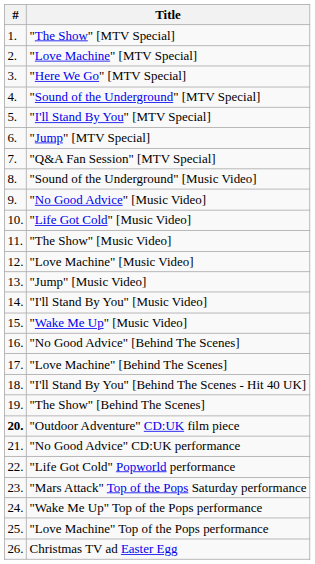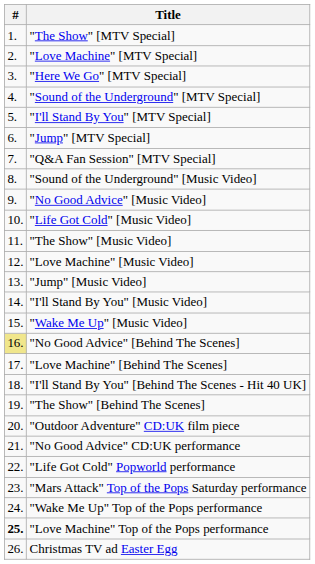 <table class="wikitable">
 <tr>
 <th bgcolor="#ebf5ff">#</th>
 <th bgcolor="#ebf5ff">Title</th>
 </tr>
 <tr>
 <td>1.</td>
 <td>"<a href='#'>The Show</a>" [MTV Special]</td>
 </tr>
 <tr>
 <td>2.</td>
 <td>"<a href='#'>Love Machine</a>" [MTV Special]</td>
 </tr>
 <tr>
 <td>3.</td>
 <td>"<a href='#'>Here We Go</a>" [MTV Special]</td>
 </tr>
 <tr>
 <td>4.</td>
 <td>"<a href='#'>Sound of the Underground</a>" [MTV Special]</td>
 </tr>
 <tr>
 <td>5.</td>
 <td>"<a href='#'>I'll Stand By You</a>" [MTV Special]</td>
 </tr>
 <tr>
 <td>6.</td>
 <td>"<a href='#'>Jump</a>" [MTV Special]</td>
 </tr>
 <tr>
 <td>7.</td>
 <td>"Q&A Fan Session" [MTV Special]</td>
 </tr>
 <tr>
 <td>8.</td>
 <td>"Sound of the Underground" [Music Video]</td>
 </tr>
 <tr>
 <td>9.</td>
 <td>"<a href='#'>No Good Advice</a>" [Music Video]</td>
 </tr>
 <tr>
 <td>10.</td>
 <td>"<a href='#'>Life Got Cold</a>" [Music Video]</td>
 </tr>
 <tr>
 <td>11.</td>
 <td>"The Show" [Music Video]</td>
 </tr>
 <tr>
 <td>12.</td>
 <td>"Love Machine" [Music Video]</td>
 </tr>
 <tr>
 <td>13.</td>
 <td>"Jump" [Music Video]</td>
 </tr>
 <tr>
 <td>14.</td>
 <td>"I'll Stand By You" [Music Video]</td>
 </tr>
 <tr>
 <td>15.</td>
 <td>"<a href='#'>Wake Me Up</a>" [Music Video]</td>
 </tr>
 <tr>
-<td>16.</td>
+<td style="background: khaki;">16.</td>
 <td>"No Good Advice" [Behind The Scenes]</td>
 </tr>
 <tr>
 <td>17.</td>
 <td>"Love Machine" [Behind The Scenes]</td>
 </tr>
 <tr>
 <td>18.</td>
 <td>"I'll Stand By You" [Behind The Scenes - Hit 40 UK]</td>
 </tr>
 <tr>
 <td>19.</td>
 <td>"The Show" [Behind The Scenes]</td>
 </tr>
 <tr>
-<td><strong>20.</strong></td>
+<td>20.</td>
 <td>"Outdoor Adventure" <a href='#'>CD:UK</a> film piece</td>
 </tr>
 <tr>
 <td>21.</td>
 <td>"No Good Advice" CD:UK performance</td>
 </tr>
 <tr>
 <td>22.</td>
 <td>"Life Got Cold" <a href='#'>Popworld</a> performance</td>
 </tr>
 <tr>
 <td>23.</td>
 <td>"Mars Attack" <a href='#'>Top of the Pops</a> Saturday performance</td>
 </tr>
 <tr>
 <td>24.</td>
 <td>"Wake Me Up" Top of the Pops performance</td>
 </tr>
 <tr>
-<td>25.</td>
+<td><strong>25.</strong></td>
 <td>"Love Machine" Top of the Pops performance</td>
 </tr>
 <tr>
 <td>26.</td>
 <td>Christmas TV ad <a href='#'>Easter Egg</a></td>
 </tr>
 </table>
